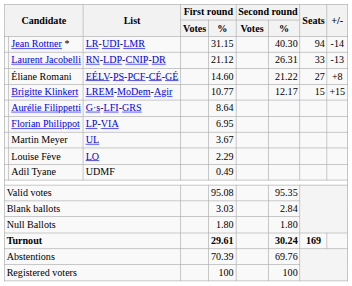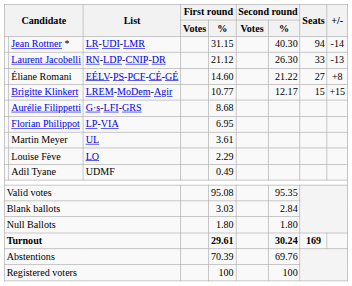 <table class="wikitable centre" style="text-align:right;">
 <tr>
 <th rowspan=2 colspan=2 scope=col>Candidate</th>
 <th rowspan=2 scope=col>List</th>
 <th colspan=2 scope=col>First round</th>
 <th colspan=2 scope=col>Second round</th>
 <th rowspan=2 scope=col>Seats</th>
 <th rowspan=2 scope=col>+/-</th>
 </tr>
 <tr>
 <th scope=col>Votes</th>
 <th scope=col>%</th>
 <th scope=col>Votes</th>
 <th scope=col>%</th>
 </tr>
 <tr>
 <td style="color:inherit;background:"></td>
 <td align="left"><a href='#'>Jean Rottner</a> *</td>
 <td align="left"><a href='#'>LR</a>-<a href='#'>UDI</a>-<a href='#'>LMR</a></td>
 <td></td>
 <td>31.15</td>
 <td></td>
 <td>40.30</td>
 <td>94</td>
 <td align="center">-14</td>
 </tr>
 <tr>
 <td style="color:inherit;background:"></td>
 <td align="left"><a href='#'>Laurent Jacobelli</a></td>
 <td align="left"><a href='#'>RN</a>-<a href='#'>LDP</a>-<a href='#'>CNIP</a>-<a href='#'>DR</a></td>
 <td></td>
 <td>21.12</td>
 <td></td>
-<td>26.31</td>
+<td>26.30</td>
 <td>33</td>
 <td align="center">-13</td>
 </tr>
 <tr>
 <td style="color:inherit;background:"></td>
 <td align="left">Éliane Romani</td>
 <td align="left"><a href='#'>EÉLV</a>-<a href='#'>PS</a>-<a href='#'>PCF</a>-<a href='#'>CÉ</a>-<a href='#'>GÉ</a></td>
 <td></td>
 <td>14.60</td>
 <td></td>
 <td>21.22</td>
 <td>27</td>
 <td align="center">+8</td>
 </tr>
 <tr>
 <td style="color:inherit;background:"></td>
 <td align="left"><a href='#'>Brigitte Klinkert</a></td>
 <td align="left"><a href='#'>LREM</a>-<a href='#'>MoDem</a>-<a href='#'>Agir</a></td>
 <td></td>
 <td>10.77</td>
 <td></td>
 <td>12.17</td>
 <td>15</td>
 <td align="center">+15</td>
 </tr>
 <tr>
 <td style="color:inherit;background:"></td>
 <td align="left"><a href='#'>Aurélie Filippetti</a></td>
 <td align="left"><a href='#'>G·s</a>-<a href='#'>LFI</a>-<a href='#'>GRS</a></td>
 <td></td>
-<td>8.64</td>
+<td>8.68</td>
 <td></td>
 <td></td>
 <td></td>
 <td align="center"></td>
 </tr>
 <tr>
 <td style="color:inherit;background:"></td>
 <td align="left"><a href='#'>Florian Philippot</a></td>
 <td align="left"><a href='#'>LP</a>-<a href='#'>VIA</a></td>
 <td></td>
 <td>6.95</td>
 <td></td>
 <td></td>
 <td></td>
 <td align="center"></td>
 </tr>
 <tr>
 <td style="color:inherit;background:"></td>
 <td align="left">Martin Meyer</td>
 <td align="left"><a href='#'>UL</a></td>
 <td></td>
-<td>3.67</td>
+<td>3.61</td>
 <td></td>
 <td></td>
 <td></td>
 <td align="center"></td>
 </tr>
 <tr>
 <td style="color:inherit;background:"></td>
 <td align="left">Louise Fève</td>
 <td align="left"><a href='#'>LO</a></td>
 <td></td>
 <td>2.29</td>
 <td></td>
 <td></td>
 <td></td>
 <td align="center"></td>
 </tr>
 <tr>
 <td style="color:inherit;background:"></td>
 <td align="left">Adil Tyane</td>
 <td align="left">UDMF</td>
 <td></td>
 <td>0.49</td>
 <td></td>
 <td></td>
 <td></td>
 <td align="center"></td>
 </tr>
 <tr style="background:white;">
 <td colspan=9></td>
 </tr>
 <tr>
 <td colspan=3 style="text-align:left;">Valid votes</td>
 <td></td>
 <td>95.08</td>
 <td></td>
 <td>95.35</td>
 <td colspan="2" rowspan="3" bgcolor=#F4F4F4></td>
 </tr>
 <tr>
 <td colspan=3 style="text-align:left;">Blank ballots</td>
 <td></td>
 <td>3.03</td>
 <td></td>
 <td>2.84</td>
 </tr>
 <tr>
 <td colspan=3 style="text-align:left;">Null Ballots</td>
 <td></td>
 <td>1.80</td>
 <td></td>
 <td>1.80</td>
 </tr>
 <tr style="font-weight:bold;">
 <td colspan=3 style="text-align:left;">Turnout</td>
 <td></td>
 <td>29.61</td>
 <td></td>
 <td>30.24</td>
 <td align=center>169</td>
 <td align=center></td>
 </tr>
 <tr>
 <td colspan=3 style="text-align:left;">Abstentions</td>
 <td></td>
 <td>70.39</td>
 <td></td>
 <td>69.76</td>
 <td colspan="2" rowspan="2" bgcolor=#F4F4F4></td>
 </tr>
 <tr>
 <td colspan=3 style="text-align:left;">Registered voters</td>
 <td></td>
 <td>100</td>
 <td></td>
 <td>100</td>
 </tr>
 </table>
